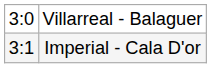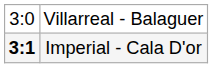 <table class="wikitable">
 <tr align=center bgcolor=white>
 <td>3:0</td>
 <td>Villarreal - Balaguer</td>
 </tr>
 <tr align=center bgcolor=#F5F5F5>
-<td>3:1</td>
+<td><strong>3:1</strong></td>
 <td>Imperial - Cala D'or</td>
 </tr>
 </table>
